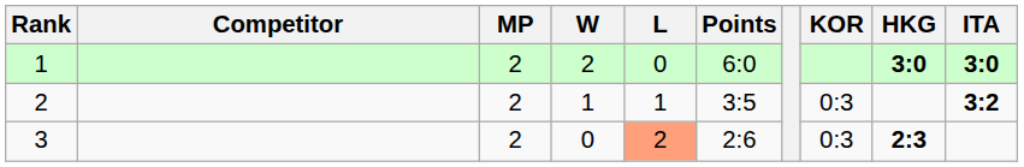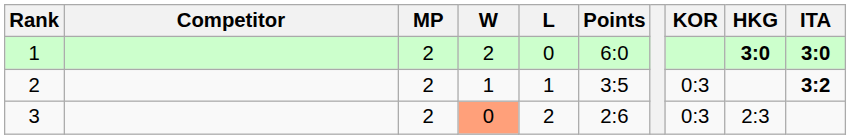 <table class="wikitable" style="text-align:center">
 <tr>
 <th>Rank</th>
 <th style="width:16em">Competitor</th>
 <th style="width:2.5em">MP</th>
 <th style="width:2.5em">W</th>
 <th style="width:2.5em">L</th>
 <th>Points</th>
 <th rowspan="4"> </th>
 <th style="width:2.5em">KOR</th>
 <th style="width:2.5em">HKG</th>
 <th style="width:2.5em">ITA</th>
 </tr>
 <tr style="background:#cfc;">
 <td>1</td>
 <td style="text-align:left"></td>
 <td>2</td>
 <td>2</td>
 <td>0</td>
 <td>6:0</td>
 <td></td>
 <td><strong>3:0</strong></td>
 <td><strong>3:0</strong></td>
 </tr>
 <tr>
 <td>2</td>
 <td style="text-align:left"></td>
 <td>2</td>
 <td>1</td>
 <td>1</td>
 <td>3:5</td>
 <td>0:3</td>
 <td></td>
 <td><strong>3:2</strong></td>
 </tr>
 <tr>
 <td>3</td>
 <td style="text-align:left"></td>
 <td>2</td>
-<td>0</td>
-<td style="background: lightsalmon;">2</td>
+<td style="background: lightsalmon;">0</td>
+<td>2</td>
 <td>2:6</td>
 <td>0:3</td>
-<td><strong>2:3</strong></td>
+<td>2:3</td>
 <td></td>
 </tr>
 </table>
